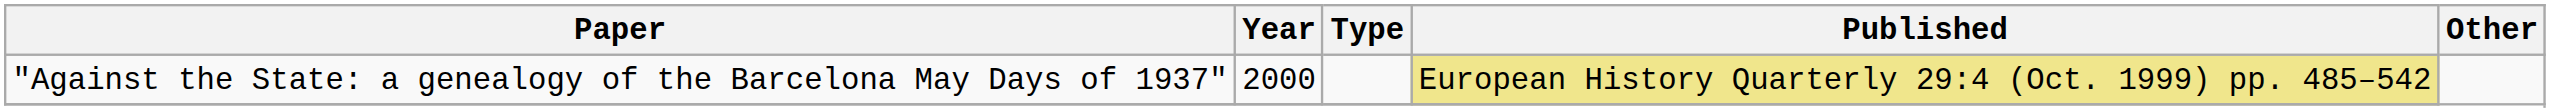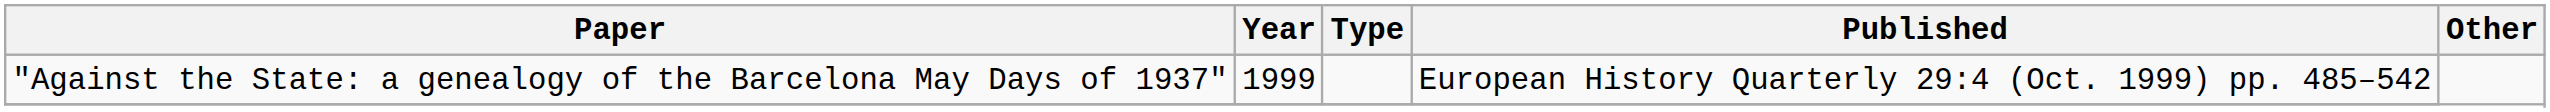 <table class="wikitable">
 <tr>
 <th>Paper</th>
 <th>Year</th>
 <th>Type</th>
 <th>Published</th>
 <th>Other</th>
 </tr>
 <tr>
 <td>"Against the State: a genealogy of the Barcelona May Days of 1937"</td>
-<td>2000</td>
+<td>1999</td>
 <td></td>
-<td style="background: khaki;">European History Quarterly 29:4 (Oct. 1999) pp. 485–542</td>
+<td>European History Quarterly 29:4 (Oct. 1999) pp. 485–542</td>
 </tr>
 <tr>
 </tr>
 </table>
